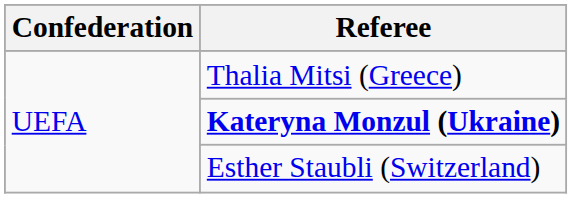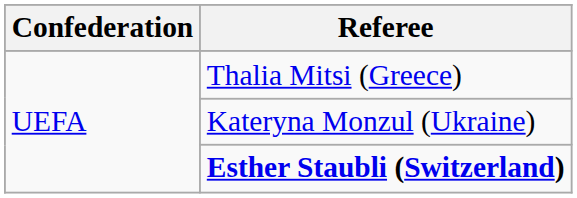 <table class="wikitable">
 <tr>
 <th>Confederation</th>
 <th>Referee</th>
 </tr>
 <tr>
 <td rowspan="3"><a href='#'>UEFA</a></td>
 <td><a href='#'>Thalia Mitsi</a> (<a href='#'>Greece</a>)</td>
 </tr>
 <tr>
-<td><strong><a href='#'>Kateryna Monzul</a> (<a href='#'>Ukraine</a>)</strong></td>
+<td><a href='#'>Kateryna Monzul</a> (<a href='#'>Ukraine</a>)</td>
 </tr>
 <tr>
-<td><a href='#'>Esther Staubli</a> (<a href='#'>Switzerland</a>)</td>
+<td><strong><a href='#'>Esther Staubli</a> (<a href='#'>Switzerland</a>)</strong></td>
 </tr>
 </table>
